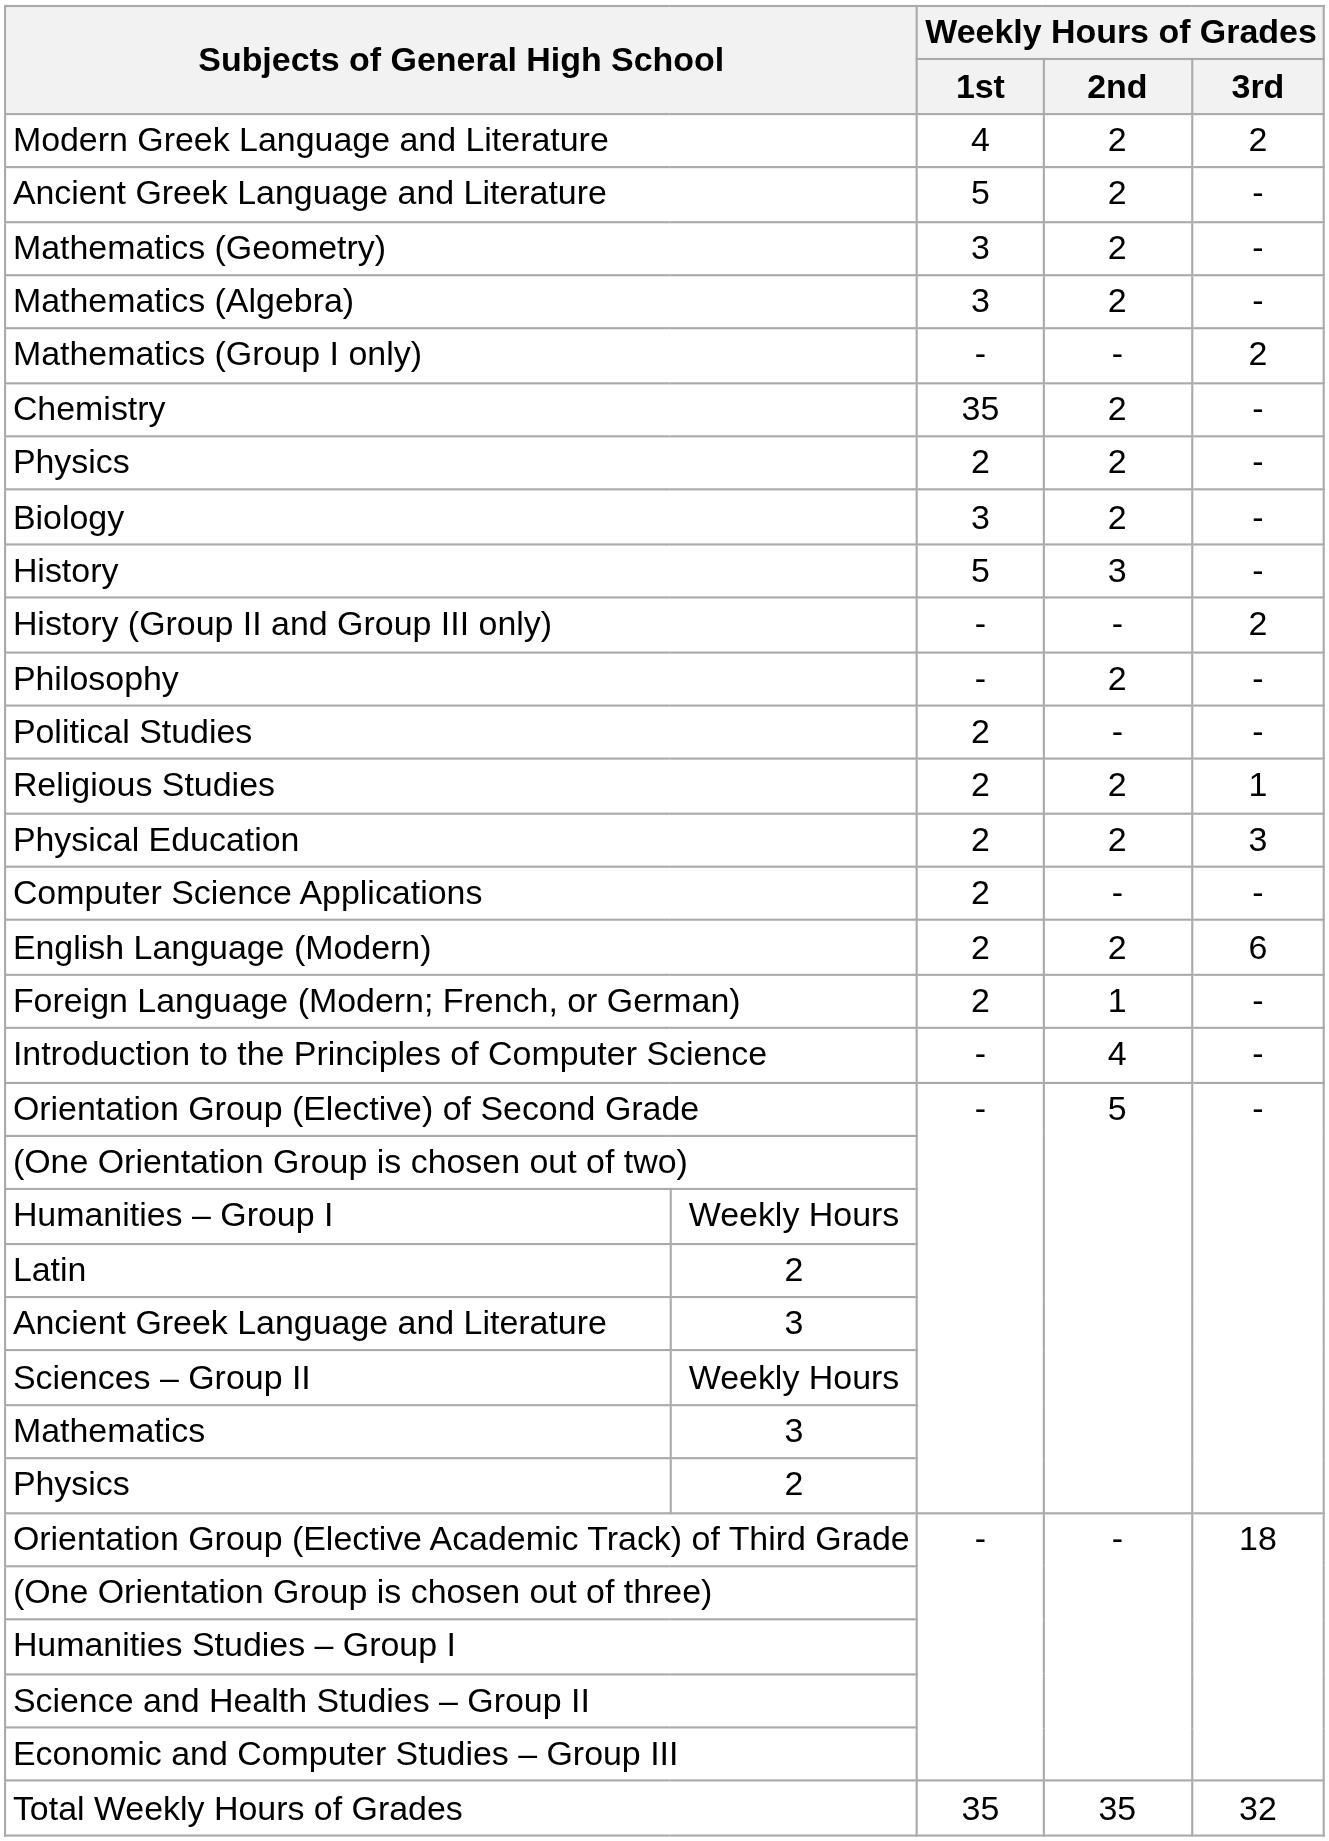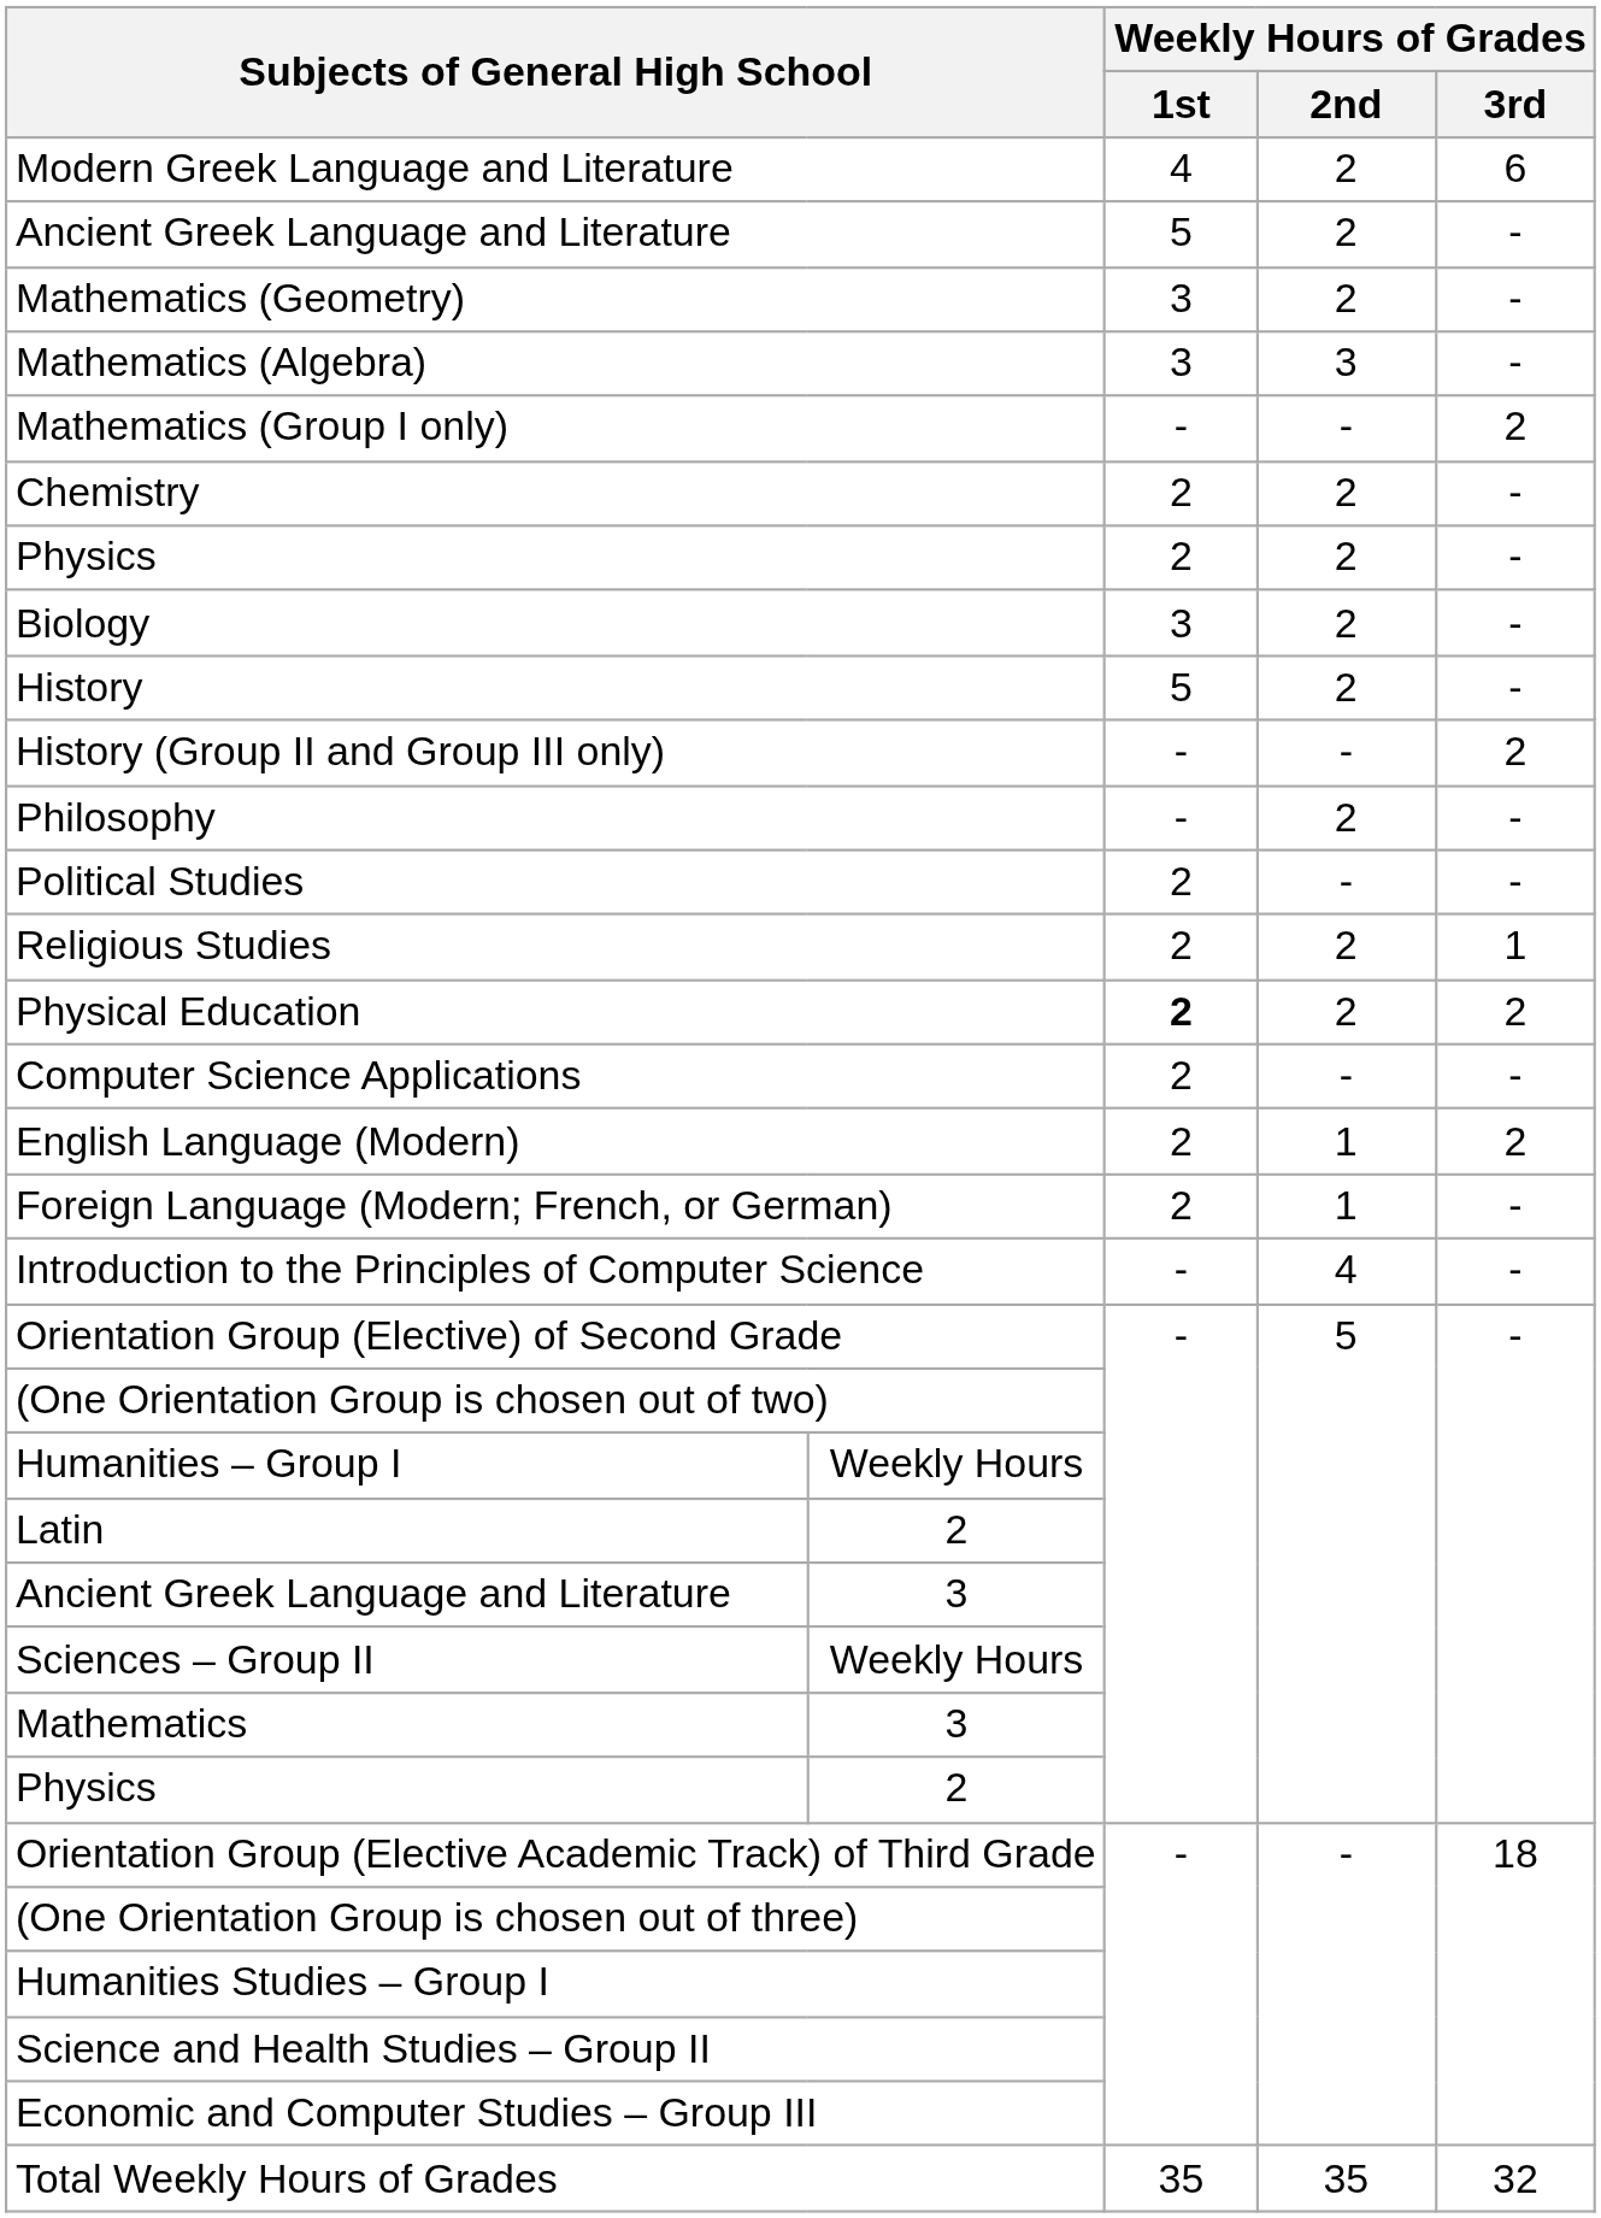 <table class="wikitable" style="background:transparent; display: inline-table;">
 <tr>
 <th rowspan="2" colspan="2">Subjects of General High School</th>
 <th colspan="3">Weekly Hours of Grades</th>
 </tr>
 <tr style="text-align:center;">
 <th style="vertical-align: top;">1st</th>
 <th style="vertical-align: top;">2nd</th>
 <th style="vertical-align: top;">3rd</th>
 </tr>
 <tr style="text-align:center;">
 <td style="text-align:left;" colspan="2">Modern Greek Language and Literature</td>
 <td>4</td>
 <td>2</td>
-<td>2</td>
+<td>6</td>
 </tr>
 <tr style="text-align:center;">
 <td style="text-align:left;" colspan="2">Ancient Greek Language and Literature</td>
 <td>5</td>
 <td>2</td>
 <td>-</td>
 </tr>
 <tr style="text-align:center;">
 <td style="text-align:left;" colspan="2">Mathematics (Geometry)</td>
 <td>3</td>
 <td>2</td>
 <td>-</td>
 </tr>
 <tr style="text-align:center;">
 <td style="text-align:left;" colspan="2">Mathematics (Algebra)</td>
 <td>3</td>
-<td>2</td>
+<td>3</td>
 <td>-</td>
 </tr>
 <tr style="text-align:center;">
 <td style="text-align:left;" colspan="2">Mathematics (Group I only)</td>
 <td>-</td>
 <td>-</td>
 <td>2</td>
 </tr>
 <tr style="text-align:center;">
 <td style="text-align:left;" colspan="2">Chemistry</td>
-<td style="text-align:center;">35</td>
+<td>2</td>
 <td>2</td>
 <td>-</td>
 </tr>
 <tr style="text-align:center;">
 <td style="text-align:left;" colspan="2">Physics</td>
 <td>2</td>
 <td>2</td>
 <td>-</td>
 </tr>
 <tr style="text-align:center;">
 <td style="text-align:left;" colspan="2">Biology</td>
 <td>3</td>
 <td>2</td>
 <td>-</td>
 </tr>
 <tr style="text-align:center;">
 <td style="text-align:left;" colspan="2">History</td>
 <td>5</td>
-<td>3</td>
+<td>2</td>
 <td>-</td>
 </tr>
 <tr style="text-align:center;">
 <td style="text-align:left;" colspan="2">History (Group II and Group III only)</td>
 <td>-</td>
 <td>-</td>
 <td>2</td>
 </tr>
 <tr style="text-align:center;">
 <td style="text-align:left;" colspan="2">Philosophy</td>
 <td>-</td>
 <td>2</td>
 <td>-</td>
 </tr>
 <tr style="text-align:center;">
 <td style="text-align:left;" colspan="2">Political Studies</td>
 <td>2</td>
 <td>-</td>
 <td>-</td>
 </tr>
 <tr style="text-align:center;">
 <td style="text-align:left;" colspan="2">Religious Studies</td>
 <td>2</td>
 <td>2</td>
 <td>1</td>
 </tr>
 <tr style="text-align:center;">
 <td style="text-align:left;" colspan="2">Physical Education</td>
+<td><strong>2</strong></td>
 <td>2</td>
 <td>2</td>
-<td>3</td>
 </tr>
 <tr style="text-align:center;">
 <td style="text-align:left;" colspan="2">Computer Science Applications</td>
 <td>2</td>
 <td>-</td>
 <td>-</td>
 </tr>
 <tr style="text-align:center;">
 <td style="text-align:left;" colspan="2">English Language (Modern)</td>
 <td>2</td>
+<td>1</td>
 <td>2</td>
-<td>6</td>
 </tr>
 <tr style="text-align:center;">
 <td style="text-align:left;" colspan="2">Foreign Language (Modern; French, or German)</td>
 <td>2</td>
 <td>1</td>
 <td>-</td>
 </tr>
 <tr style="text-align:center;">
 <td style="text-align:left;" colspan="2">Introduction to the Principles of Computer Science</td>
 <td>-</td>
 <td>4</td>
 <td>-</td>
 </tr>
 <tr style="text-align:center;">
 <td style="text-align:left;" colspan="2">Orientation Group (Elective) of Second Grade</td>
 <td style="vertical-align: top;" rowspan="8">-</td>
 <td style="vertical-align: top;" rowspan="8">5</td>
 <td style="vertical-align: top;" rowspan="8">-</td>
 </tr>
 <tr>
 <td style="text-align:left;" colspan="2">(One Orientation Group is chosen out of two)</td>
 </tr>
 <tr style="text-align:center;">
 <td style="text-align:left;">Humanities – Group Ι</td>
 <td>Weekly Hours</td>
 </tr>
 <tr style="text-align:center;">
 <td style="text-align:left;">Latin</td>
 <td>2</td>
 </tr>
 <tr style="text-align:center;">
 <td style="text-align:left;">Ancient Greek Language and Literature</td>
 <td>3</td>
 </tr>
 <tr style="text-align:center;">
 <td style="text-align:left;">Sciences – Group ΙΙ</td>
 <td>Weekly Hours</td>
 </tr>
 <tr style="text-align:center;">
 <td style="text-align:left;">Mathematics</td>
 <td>3</td>
 </tr>
 <tr style="text-align:center;">
 <td style="text-align:left;">Physics</td>
 <td>2</td>
 </tr>
 <tr style="text-align:center;">
 <td style="text-align:left;" colspan="2">Orientation Group (Elective Academic Track) of Third Grade</td>
 <td style="vertical-align: top;" rowspan="5">-</td>
 <td style="vertical-align: top;" rowspan="5">-</td>
 <td style="vertical-align: top;" rowspan="5">18</td>
 </tr>
 <tr>
 <td style="text-align:left;" colspan="2">(One Orientation Group is chosen out of three)</td>
 </tr>
 <tr>
 <td style="text-align:left;" colspan="2">Humanities Studies – Group I</td>
 </tr>
 <tr>
 <td style="text-align:left;" colspan="2">Science and Health Studies – Group II</td>
 </tr>
 <tr>
 <td style="text-align:left;" colspan="2">Economic and Computer Studies – Group III</td>
 </tr>
 <tr>
 <td colspan="2">Total Weekly Hours of Grades</td>
 <td style="text-align:center;">35</td>
 <td style="text-align:center;">35</td>
 <td style="text-align:center;">32</td>
 </tr>
 </table>
